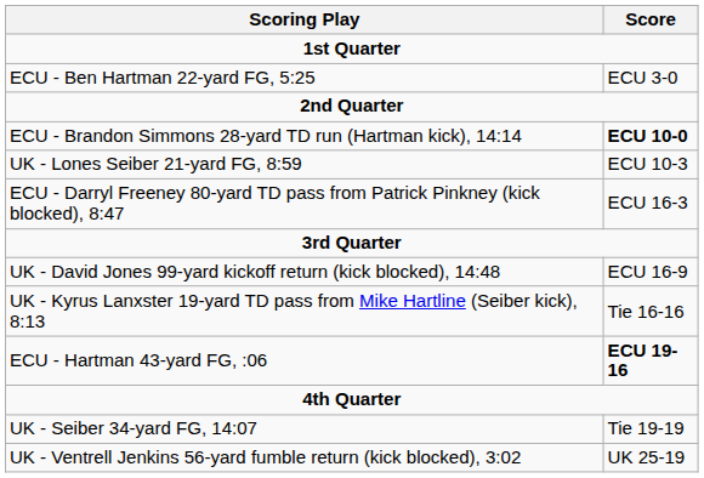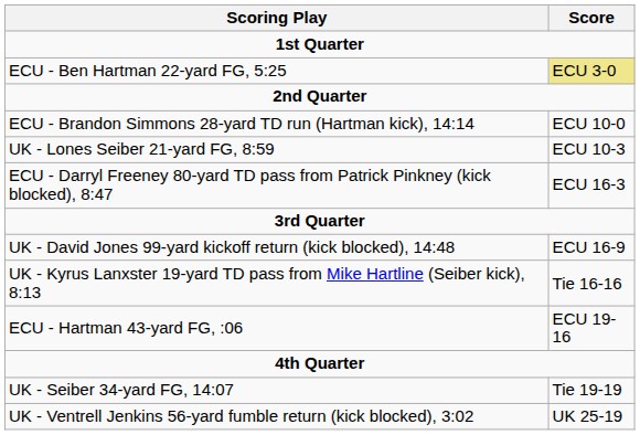 <table class="wikitable">
 <tr>
 <th>Scoring Play</th>
 <th>Score</th>
 </tr>
 <tr>
 <td colspan="4" style="text-align:center;"><strong>1st Quarter</strong></td>
 </tr>
 <tr>
 <td>ECU - Ben Hartman 22-yard FG, 5:25</td>
-<td>ECU 3-0</td>
+<td style="background: khaki;">ECU 3-0</td>
 </tr>
 <tr>
 <td colspan="4" style="text-align:center;"><strong>2nd Quarter</strong></td>
 </tr>
 <tr>
 <td>ECU - Brandon Simmons 28-yard TD run (Hartman kick), 14:14</td>
-<td><strong>ECU 10-0</strong></td>
+<td>ECU 10-0</td>
 </tr>
 <tr>
 <td>UK - Lones Seiber 21-yard FG, 8:59</td>
 <td>ECU 10-3</td>
 </tr>
 <tr>
 <td>ECU - Darryl Freeney 80-yard TD pass from Patrick Pinkney (kick blocked), 8:47</td>
 <td>ECU 16-3</td>
 </tr>
 <tr>
 <td colspan="4" style="text-align:center;"><strong>3rd Quarter</strong></td>
 </tr>
 <tr>
 <td>UK - David Jones 99-yard kickoff return (kick blocked), 14:48</td>
 <td>ECU 16-9</td>
 </tr>
 <tr>
 <td>UK - Kyrus Lanxster 19-yard TD pass from <a href='#'>Mike Hartline</a> (Seiber kick), 8:13</td>
 <td>Tie 16-16</td>
 </tr>
 <tr>
 <td>ECU - Hartman 43-yard FG, :06</td>
-<td><strong>ECU 19-16</strong></td>
+<td>ECU 19-16</td>
 </tr>
 <tr>
 <td colspan="4" style="text-align:center;"><strong>4th Quarter</strong></td>
 </tr>
 <tr>
 <td>UK - Seiber 34-yard FG, 14:07</td>
 <td>Tie 19-19</td>
 </tr>
 <tr>
 <td>UK - Ventrell Jenkins 56-yard fumble return (kick blocked), 3:02</td>
 <td>UK 25-19</td>
 </tr>
 </table>
